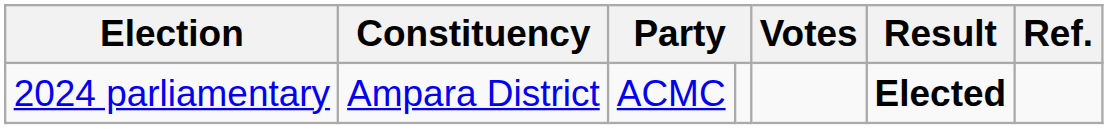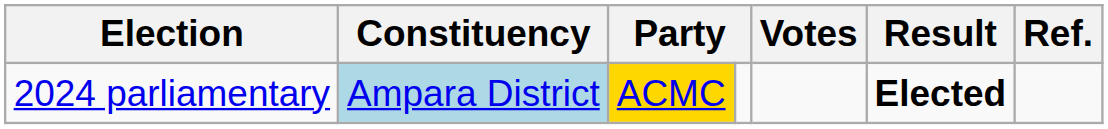 <table class="wikitable" style="text-align:left;">
 <tr>
 <th scope=col>Election</th>
 <th scope=col>Constituency</th>
 <th scope=col colspan="2">Party</th>
 <th scope=col>Votes</th>
 <th scope=col>Result</th>
 <th scope=col>Ref.</th>
 </tr>
 <tr>
 <td><a href='#'>2024 parliamentary</a></td>
-<td><a href='#'>Ampara District</a></td>
-<td><a href='#'>ACMC</a></td>
+<td style="background: lightblue;"><a href='#'>Ampara District</a></td>
+<td style="background: gold;"><a href='#'>ACMC</a></td>
 <td rowspan="8" style="background:"></td>
 <td align=right></td>
 <td><strong>Elected</strong></td>
 <td></td>
 </tr>
 </table>
